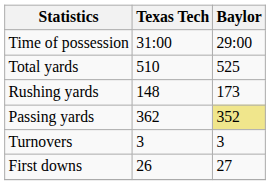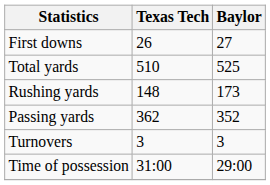 <table class="wikitable" style="float: right;">
 <tr>
 <th>Statistics</th>
 <th>Texas Tech</th>
 <th>Baylor</th>
 </tr>
 <tr>
-<td>Time of possession</td>
-<td>31:00</td>
-<td>29:00</td>
+<td>First downs</td>
+<td>26</td>
+<td>27</td>
 </tr>
 <tr>
 <td>Total yards</td>
 <td>510</td>
 <td>525</td>
 </tr>
 <tr>
 <td>Rushing yards</td>
 <td>148</td>
 <td>173</td>
 </tr>
 <tr>
 <td>Passing yards</td>
 <td>362</td>
-<td style="background: khaki;">352</td>
+<td>352</td>
 </tr>
 <tr>
 <td>Turnovers</td>
 <td>3</td>
 <td>3</td>
 </tr>
 <tr>
-<td>First downs</td>
-<td>26</td>
-<td>27</td>
+<td>Time of possession</td>
+<td>31:00</td>
+<td>29:00</td>
 </tr>
 <tr>
 </tr>
 </table>
